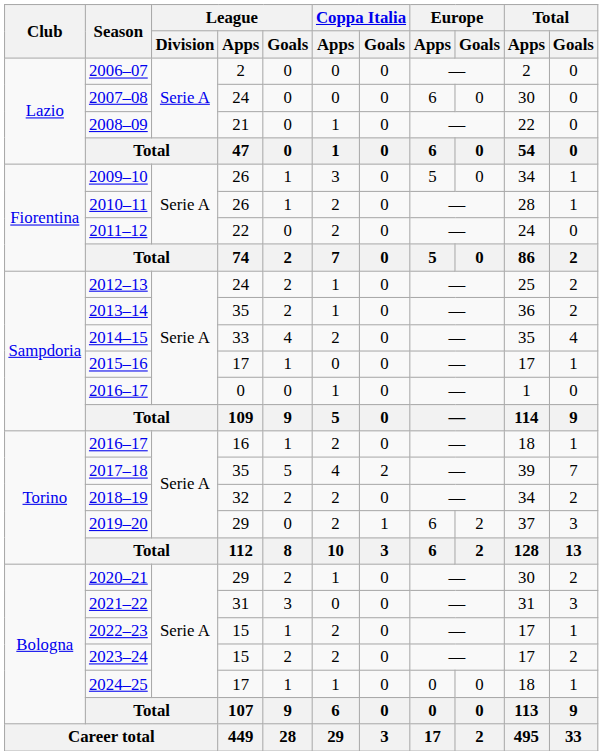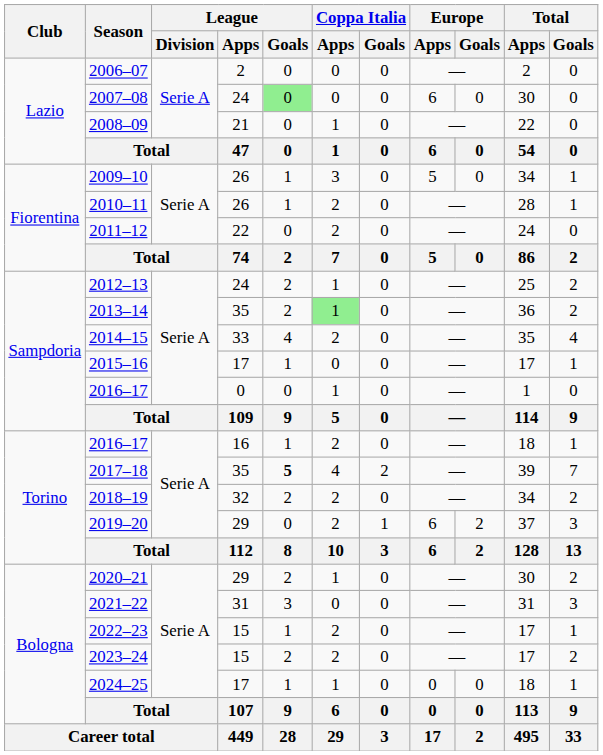 <table class="wikitable" style="text-align: center">
 <tr>
 <th rowspan="2">Club</th>
 <th rowspan="2">Season</th>
 <th colspan="3">League</th>
 <th colspan="2"><a href='#'>Coppa Italia</a></th>
 <th colspan="2">Europe</th>
 <th colspan="2">Total</th>
 </tr>
 <tr>
 <th>Division</th>
 <th>Apps</th>
 <th>Goals</th>
 <th>Apps</th>
 <th>Goals</th>
 <th>Apps</th>
 <th>Goals</th>
 <th>Apps</th>
 <th>Goals</th>
 </tr>
 <tr>
 <td rowspan="4"><a href='#'>Lazio</a></td>
 <td><a href='#'>2006–07</a></td>
 <td rowspan="3"><a href='#'>Serie A</a></td>
 <td>2</td>
 <td>0</td>
 <td>0</td>
 <td>0</td>
 <td colspan="2">—</td>
 <td>2</td>
 <td>0</td>
 </tr>
 <tr>
 <td><a href='#'>2007–08</a></td>
 <td>24</td>
-<td>0</td>
+<td style="background: lightgreen;">0</td>
 <td>0</td>
 <td>0</td>
 <td>6</td>
 <td>0</td>
 <td>30</td>
 <td>0</td>
 </tr>
 <tr>
 <td><a href='#'>2008–09</a></td>
 <td>21</td>
 <td>0</td>
 <td>1</td>
 <td>0</td>
 <td colspan="2">—</td>
 <td>22</td>
 <td>0</td>
 </tr>
 <tr>
 <th colspan="2">Total</th>
 <th>47</th>
 <th>0</th>
 <th>1</th>
 <th>0</th>
 <th>6</th>
 <th>0</th>
 <th>54</th>
 <th>0</th>
 </tr>
 <tr>
 <td rowspan="4"><a href='#'>Fiorentina</a></td>
 <td><a href='#'>2009–10</a></td>
 <td rowspan="3">Serie A</td>
 <td>26</td>
 <td>1</td>
 <td>3</td>
 <td>0</td>
 <td>5</td>
 <td>0</td>
 <td>34</td>
 <td>1</td>
 </tr>
 <tr>
 <td><a href='#'>2010–11</a></td>
 <td>26</td>
 <td>1</td>
 <td>2</td>
 <td>0</td>
 <td colspan="2">—</td>
 <td>28</td>
 <td>1</td>
 </tr>
 <tr>
 <td><a href='#'>2011–12</a></td>
 <td>22</td>
 <td>0</td>
 <td>2</td>
 <td>0</td>
 <td colspan="2">—</td>
 <td>24</td>
 <td>0</td>
 </tr>
 <tr>
 <th colspan="2">Total</th>
 <th>74</th>
 <th>2</th>
 <th>7</th>
 <th>0</th>
 <th>5</th>
 <th>0</th>
 <th>86</th>
 <th>2</th>
 </tr>
 <tr>
 <td rowspan="6"><a href='#'>Sampdoria</a></td>
 <td><a href='#'>2012–13</a></td>
 <td rowspan="5">Serie A</td>
 <td>24</td>
 <td>2</td>
 <td>1</td>
 <td>0</td>
 <td colspan="2">—</td>
 <td>25</td>
 <td>2</td>
 </tr>
 <tr>
 <td><a href='#'>2013–14</a></td>
 <td>35</td>
 <td>2</td>
-<td>1</td>
+<td style="background: lightgreen;">1</td>
 <td>0</td>
 <td colspan="2">—</td>
 <td>36</td>
 <td>2</td>
 </tr>
 <tr>
 <td><a href='#'>2014–15</a></td>
 <td>33</td>
 <td>4</td>
 <td>2</td>
 <td>0</td>
 <td colspan="2">—</td>
 <td>35</td>
 <td>4</td>
 </tr>
 <tr>
 <td><a href='#'>2015–16</a></td>
 <td>17</td>
 <td>1</td>
 <td>0</td>
 <td>0</td>
 <td colspan="2">—</td>
 <td>17</td>
 <td>1</td>
 </tr>
 <tr>
 <td><a href='#'>2016–17</a></td>
 <td>0</td>
 <td>0</td>
 <td>1</td>
 <td>0</td>
 <td colspan="2">—</td>
 <td>1</td>
 <td>0</td>
 </tr>
 <tr>
 <th colspan="2">Total</th>
 <th>109</th>
 <th>9</th>
 <th>5</th>
 <th>0</th>
 <th colspan="2">—</th>
 <th>114</th>
 <th>9</th>
 </tr>
 <tr>
 <td rowspan="5"><a href='#'>Torino</a></td>
 <td><a href='#'>2016–17</a></td>
 <td rowspan="4">Serie A</td>
 <td>16</td>
 <td>1</td>
 <td>2</td>
 <td>0</td>
 <td colspan="2">—</td>
 <td>18</td>
 <td>1</td>
 </tr>
 <tr>
 <td><a href='#'>2017–18</a></td>
 <td>35</td>
-<td>5</td>
+<td><strong>5</strong></td>
 <td>4</td>
 <td>2</td>
 <td colspan="2">—</td>
 <td>39</td>
 <td>7</td>
 </tr>
 <tr>
 <td><a href='#'>2018–19</a></td>
 <td>32</td>
 <td>2</td>
 <td>2</td>
 <td>0</td>
 <td colspan="2">—</td>
 <td>34</td>
 <td>2</td>
 </tr>
 <tr>
 <td><a href='#'>2019–20</a></td>
 <td>29</td>
 <td>0</td>
 <td>2</td>
 <td>1</td>
 <td>6</td>
 <td>2</td>
 <td>37</td>
 <td>3</td>
 </tr>
 <tr>
 <th colspan="2">Total</th>
 <th>112</th>
 <th>8</th>
 <th>10</th>
 <th>3</th>
 <th>6</th>
 <th>2</th>
 <th>128</th>
 <th>13</th>
 </tr>
 <tr>
 <td rowspan="6"><a href='#'>Bologna</a></td>
 <td><a href='#'>2020–21</a></td>
 <td rowspan="5">Serie A</td>
 <td>29</td>
 <td>2</td>
 <td>1</td>
 <td>0</td>
 <td colspan="2">—</td>
 <td>30</td>
 <td>2</td>
 </tr>
 <tr>
 <td><a href='#'>2021–22</a></td>
 <td>31</td>
 <td>3</td>
 <td>0</td>
 <td>0</td>
 <td colspan="2">—</td>
 <td>31</td>
 <td>3</td>
 </tr>
 <tr>
 <td><a href='#'>2022–23</a></td>
 <td>15</td>
 <td>1</td>
 <td>2</td>
 <td>0</td>
 <td colspan="2">—</td>
 <td>17</td>
 <td>1</td>
 </tr>
 <tr>
 <td><a href='#'>2023–24</a></td>
 <td>15</td>
 <td>2</td>
 <td>2</td>
 <td>0</td>
 <td colspan="2">—</td>
 <td>17</td>
 <td>2</td>
 </tr>
 <tr>
 <td><a href='#'>2024–25</a></td>
 <td>17</td>
 <td>1</td>
 <td>1</td>
 <td>0</td>
 <td>0</td>
 <td>0</td>
 <td>18</td>
 <td>1</td>
 </tr>
 <tr>
 <th colspan="2">Total</th>
 <th>107</th>
 <th>9</th>
 <th>6</th>
 <th>0</th>
 <th>0</th>
 <th>0</th>
 <th>113</th>
 <th>9</th>
 </tr>
 <tr>
 <th colspan="3">Career total</th>
 <th>449</th>
 <th>28</th>
 <th>29</th>
 <th>3</th>
 <th>17</th>
 <th>2</th>
 <th>495</th>
 <th>33</th>
 </tr>
 </table>
